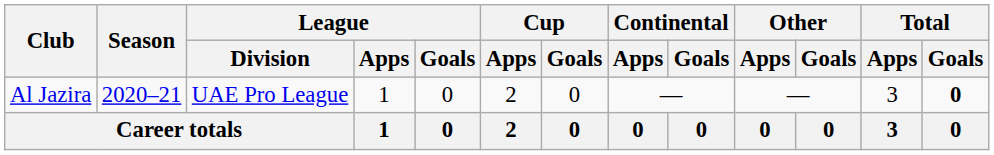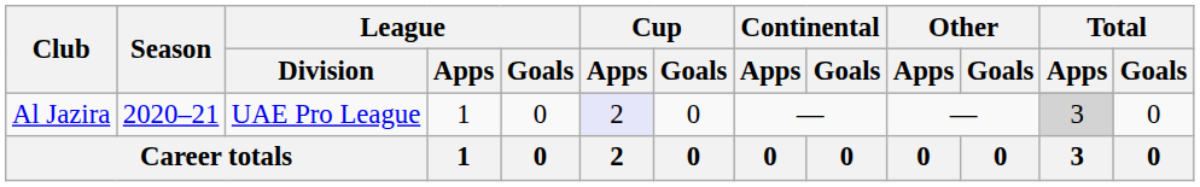 <table class="wikitable" style="text-align: center">
 <tr>
 <th rowspan="2">Club</th>
 <th rowspan="2">Season</th>
 <th colspan="3">League</th>
 <th colspan="2">Cup</th>
 <th colspan="2">Continental</th>
 <th colspan="2">Other</th>
 <th colspan="2">Total</th>
 </tr>
 <tr>
 <th>Division</th>
 <th>Apps</th>
 <th>Goals</th>
 <th>Apps</th>
 <th>Goals</th>
 <th>Apps</th>
 <th>Goals</th>
 <th>Apps</th>
 <th>Goals</th>
 <th>Apps</th>
 <th>Goals</th>
 </tr>
 <tr>
 <td rowspan=1><a href='#'>Al Jazira</a></td>
 <td><a href='#'>2020–21</a></td>
 <td><a href='#'>UAE Pro League</a></td>
 <td>1</td>
 <td>0</td>
-<td>2</td>
+<td style="background: lavender;">2</td>
 <td>0</td>
 <td colspan=2>—</td>
 <td colspan=2>—</td>
-<td>3</td>
-<td><strong>0</strong></td>
+<td style="background: lightgrey;">3</td>
+<td>0</td>
 </tr>
 <tr>
 <th colspan=3>Career totals</th>
 <th>1</th>
 <th>0</th>
 <th>2</th>
 <th>0</th>
 <th>0</th>
 <th>0</th>
 <th>0</th>
 <th>0</th>
 <th>3</th>
 <th>0</th>
 </tr>
 </table>
